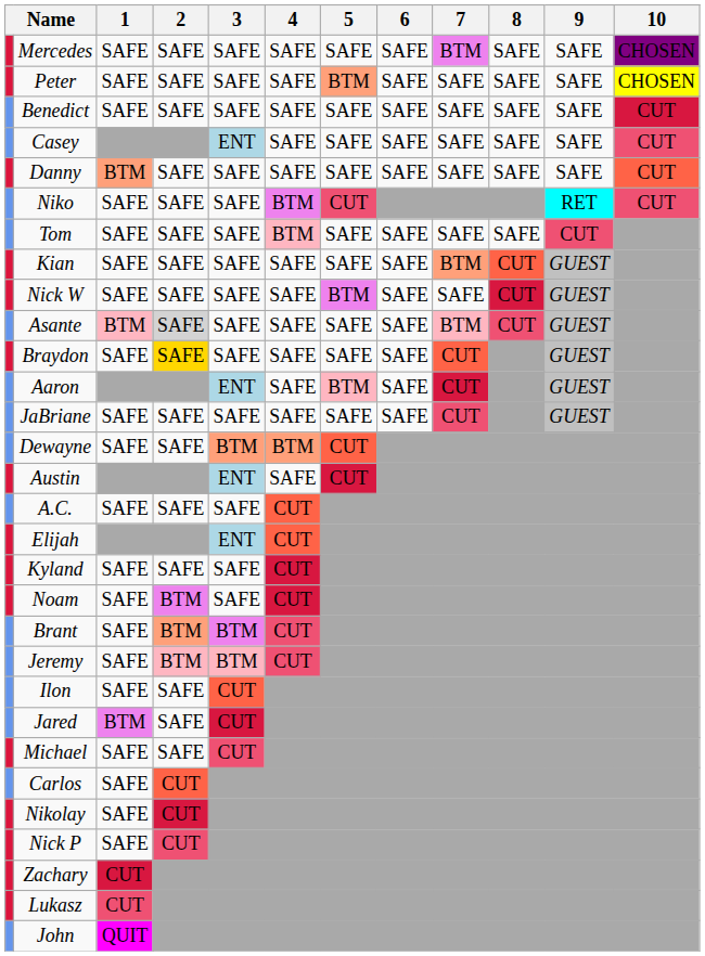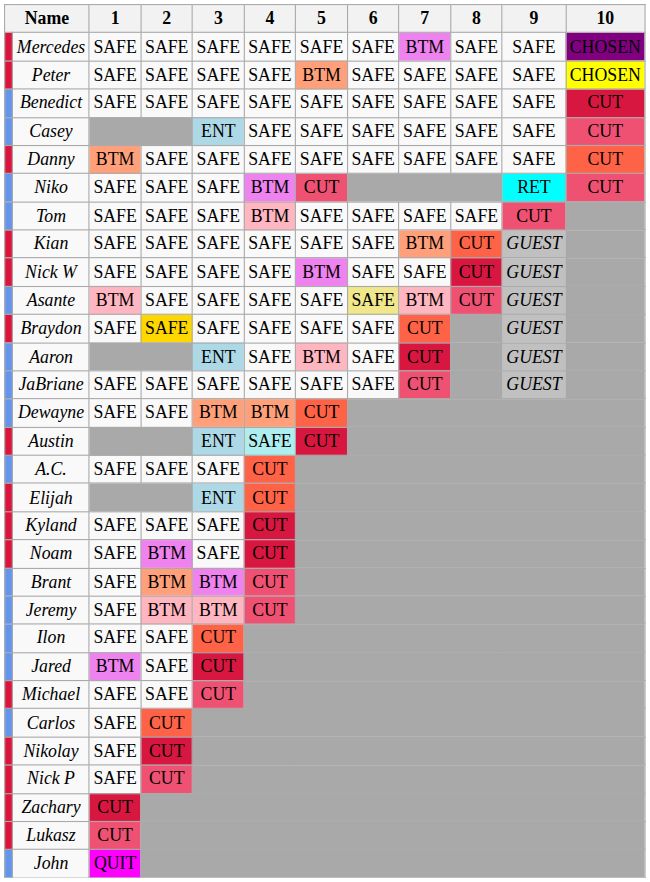 <table class="wikitable sortable" style="text-align:center">
 <tr>
 <th colspan=2>Name</th>
 <th>1</th>
 <th>2</th>
 <th>3</th>
 <th>4</th>
 <th>5</th>
 <th>6</th>
 <th>7</th>
 <th>8</th>
 <th>9</th>
 <th>10</th>
 </tr>
 <tr>
 <td style="background:crimson"></td>
 <td><em>Mercedes</em></td>
 <td>SAFE</td>
 <td>SAFE</td>
 <td>SAFE</td>
 <td>SAFE</td>
 <td>SAFE</td>
 <td>SAFE</td>
 <td style="background:violet">BTM</td>
 <td>SAFE</td>
 <td>SAFE</td>
 <td style="background:purple">CHOSEN</td>
 </tr>
 <tr>
 <td style="background:crimson"></td>
 <td><em>Peter</em></td>
 <td>SAFE</td>
 <td>SAFE</td>
 <td>SAFE</td>
 <td>SAFE</td>
 <td style="background:lightsalmon">BTM</td>
 <td>SAFE</td>
 <td>SAFE</td>
 <td>SAFE</td>
 <td>SAFE</td>
 <td style="background:yellow">CHOSEN</td>
 </tr>
 <tr>
 <td style="background:#6495ED"></td>
 <td><em>Benedict</em></td>
 <td>SAFE</td>
 <td>SAFE</td>
 <td>SAFE</td>
 <td>SAFE</td>
 <td>SAFE</td>
 <td>SAFE</td>
 <td>SAFE</td>
 <td>SAFE</td>
 <td>SAFE</td>
 <td style="background:#D81740">CUT</td>
 </tr>
 <tr>
 <td style="background:#6495ED"></td>
 <td><em>Casey</em></td>
 <td colspan="2" style="background:darkgrey"></td>
 <td style="background:lightblue">ENT</td>
 <td>SAFE</td>
 <td>SAFE</td>
 <td>SAFE</td>
 <td>SAFE</td>
 <td>SAFE</td>
 <td>SAFE</td>
 <td style="background:#EF5173">CUT</td>
 </tr>
 <tr>
 <td style="background:crimson"></td>
 <td><em>Danny</em></td>
 <td style="background:lightsalmon">BTM</td>
 <td>SAFE</td>
 <td>SAFE</td>
 <td>SAFE</td>
 <td>SAFE</td>
 <td>SAFE</td>
 <td>SAFE</td>
 <td>SAFE</td>
 <td>SAFE</td>
 <td style="background:tomato">CUT</td>
 </tr>
 <tr>
 <td style="background:#6495ED"></td>
 <td><em>Niko</em></td>
 <td>SAFE</td>
 <td>SAFE</td>
 <td>SAFE</td>
 <td style="background:violet">BTM</td>
 <td style="background:#EF5173">CUT</td>
 <td colspan="3" style="background:darkgray"></td>
 <td style="background:cyan">RET</td>
 <td style="background:#EF5173">CUT</td>
 </tr>
 <tr>
 <td style="background:#6495ED"></td>
 <td><em>Tom</em></td>
 <td>SAFE</td>
 <td>SAFE</td>
 <td>SAFE</td>
 <td style="background:lightpink">BTM</td>
 <td>SAFE</td>
 <td>SAFE</td>
 <td>SAFE</td>
 <td>SAFE</td>
 <td style="background:#EF5173">CUT</td>
 <td colspan="2" style="background:darkgray"></td>
 </tr>
 <tr>
 <td style="background:crimson"></td>
 <td><em>Kian</em></td>
 <td>SAFE</td>
 <td>SAFE</td>
 <td>SAFE</td>
 <td>SAFE</td>
 <td>SAFE</td>
 <td>SAFE</td>
 <td style="background:lightsalmon">BTM</td>
 <td style="background:tomato">CUT</td>
 <td style="background:silver"><em>GUEST</em></td>
 <td colspan="2" style="background:darkgray"></td>
 </tr>
 <tr>
 <td style="background:crimson"></td>
 <td><em>Nick W</em></td>
 <td>SAFE</td>
 <td>SAFE</td>
 <td>SAFE</td>
 <td>SAFE</td>
 <td style="background:violet">BTM</td>
 <td>SAFE</td>
 <td>SAFE</td>
 <td style="background:#D81740">CUT</td>
 <td style="background:silver"><em>GUEST</em></td>
 <td colspan="2" style="background:darkgray"></td>
 </tr>
 <tr>
 <td style="background:#6495ED"></td>
 <td><em>Asante</em></td>
 <td style="background:lightpink">BTM</td>
-<td style="background: lightgrey;">SAFE</td>
 <td>SAFE</td>
 <td>SAFE</td>
 <td>SAFE</td>
 <td>SAFE</td>
+<td style="background: khaki;">SAFE</td>
 <td style="background:lightpink">BTM</td>
 <td style="background:#EF5173">CUT</td>
 <td style="background:silver"><em>GUEST</em></td>
 <td colspan="2" style="background:darkgray"></td>
 </tr>
 <tr>
 <td style="background:crimson"></td>
 <td><em>Braydon</em></td>
 <td>SAFE</td>
 <td style="background: gold;">SAFE</td>
 <td>SAFE</td>
 <td>SAFE</td>
 <td>SAFE</td>
 <td>SAFE</td>
 <td style="background:tomato">CUT</td>
 <td colspan="1" style="background:darkgray"></td>
 <td style="background:silver"><em>GUEST</em></td>
 <td colspan="1" style="background:darkgray"></td>
 </tr>
 <tr>
 <td style="background:#6495ED"></td>
 <td><em>Aaron</em></td>
 <td colspan="2" style="background:darkgrey"></td>
 <td style="background:lightblue">ENT</td>
 <td>SAFE</td>
 <td style="background:lightpink">BTM</td>
 <td>SAFE</td>
 <td style="background:#D81740">CUT</td>
 <td colspan="1" style="background:darkgray"></td>
 <td style="background:silver"><em>GUEST</em></td>
 <td colspan="1" style="background:darkgray"></td>
 </tr>
 <tr>
 <td style="background:#6495ED"></td>
 <td><em>JaBriane</em></td>
 <td>SAFE</td>
 <td>SAFE</td>
 <td>SAFE</td>
 <td>SAFE</td>
 <td>SAFE</td>
 <td>SAFE</td>
 <td style="background:#EF5173">CUT</td>
 <td colspan="1" style="background:darkgray"></td>
 <td style="background:silver"><em>GUEST</em></td>
 <td colspan="1" style="background:darkgray"></td>
 </tr>
 <tr>
 <td style="background:#6495ED"></td>
 <td><em>Dewayne</em></td>
 <td>SAFE</td>
 <td>SAFE</td>
 <td style="background:lightsalmon">BTM</td>
 <td style="background:lightsalmon">BTM</td>
 <td style="background:tomato">CUT</td>
 <td colspan="5" style="background:darkgray"></td>
 </tr>
 <tr>
 <td style="background:crimson"></td>
 <td><em>Austin</em></td>
 <td colspan="2" style="background:darkgrey"></td>
 <td style="background:lightblue">ENT</td>
-<td>SAFE</td>
+<td style="background: paleturquoise;">SAFE</td>
 <td style="background:#D81740">CUT</td>
 <td colspan="5" style="background:darkgray"></td>
 </tr>
 <tr>
 <td style="background:#6495ED"></td>
 <td><em>A.C.</em></td>
 <td>SAFE</td>
 <td>SAFE</td>
 <td>SAFE</td>
 <td style="background:tomato">CUT</td>
 <td colspan="6" style="background:darkgray"></td>
 </tr>
 <tr>
 <td style="background:crimson"></td>
 <td><em>Elijah</em></td>
 <td colspan="2" style="background:darkgrey"></td>
 <td style="background:lightblue">ENT</td>
 <td style="background:tomato">CUT</td>
 <td colspan="6" style="background:darkgray"></td>
 </tr>
 <tr>
 <td style="background:crimson"></td>
 <td><em>Kyland</em></td>
 <td>SAFE</td>
 <td>SAFE</td>
 <td>SAFE</td>
 <td style="background:#D81740">CUT</td>
 <td colspan="6" style="background:darkgray"></td>
 </tr>
 <tr>
 <td style="background:crimson"></td>
 <td><em>Noam</em></td>
 <td>SAFE</td>
 <td style="background:violet">BTM</td>
 <td>SAFE</td>
 <td style="background:#D81740">CUT</td>
 <td colspan="6" style="background:darkgray"></td>
 </tr>
 <tr>
 <td style="background:#6495ED"></td>
 <td><em>Brant</em></td>
 <td>SAFE</td>
 <td style="background:lightsalmon">BTM</td>
 <td style="background:violet">BTM</td>
 <td style="background:#EF5173">CUT</td>
 <td colspan="6" style="background:darkgray"></td>
 </tr>
 <tr>
 <td style="background:#6495ED"></td>
 <td><em>Jeremy</em></td>
 <td>SAFE</td>
 <td style="background:lightpink">BTM</td>
 <td style="background:lightpink">BTM</td>
 <td style="background:#EF5173">CUT</td>
 <td colspan="6" style="background:darkgray"></td>
 </tr>
 <tr>
 <td style="background:#6495ED"></td>
 <td><em>Ilon</em></td>
 <td>SAFE</td>
 <td>SAFE</td>
 <td style="background:tomato">CUT</td>
 <td colspan="7" style="background:darkgray"></td>
 </tr>
 <tr>
 <td style="background:#6495ED"></td>
 <td><em>Jared</em></td>
 <td style="background:violet">BTM</td>
 <td>SAFE</td>
 <td style="background:#D81740">CUT</td>
 <td colspan="7" style="background:darkgray"></td>
 </tr>
 <tr>
 <td style="background:crimson"></td>
 <td><em>Michael</em></td>
 <td>SAFE</td>
 <td>SAFE</td>
 <td style="background:#EF5173">CUT</td>
 <td colspan="7" style="background:darkgray"></td>
 </tr>
 <tr>
 <td style="background:#6495ED"></td>
 <td><em>Carlos</em></td>
 <td>SAFE</td>
 <td style="background:tomato">CUT</td>
 <td colspan="8" style="background:darkgray"></td>
 </tr>
 <tr>
 <td style="background:crimson"></td>
 <td><em>Nikolay</em></td>
 <td>SAFE</td>
 <td style="background:#D81740">CUT</td>
 <td colspan="8" style="background:darkgray"></td>
 </tr>
 <tr>
 <td style="background:crimson"></td>
 <td><em>Nick P</em></td>
 <td>SAFE</td>
 <td style="background:#EF5173">CUT</td>
 <td colspan="8" style="background:darkgray"></td>
 </tr>
 <tr>
 <td style="background:crimson"></td>
 <td><em>Zachary</em></td>
 <td style="background:#D81740">CUT</td>
 <td colspan="9" style="background:darkgray"></td>
 </tr>
 <tr>
 <td style="background:crimson"></td>
 <td><em>Lukasz</em></td>
 <td style="background:#EF5173">CUT</td>
 <td colspan="9" style="background:darkgray"></td>
 </tr>
 <tr>
 <td style="background:#6495ED"></td>
 <td><em>John</em></td>
 <td style="background:magenta">QUIT</td>
 <td colspan="9" style="background:darkgray"></td>
 </tr>
 </table>
